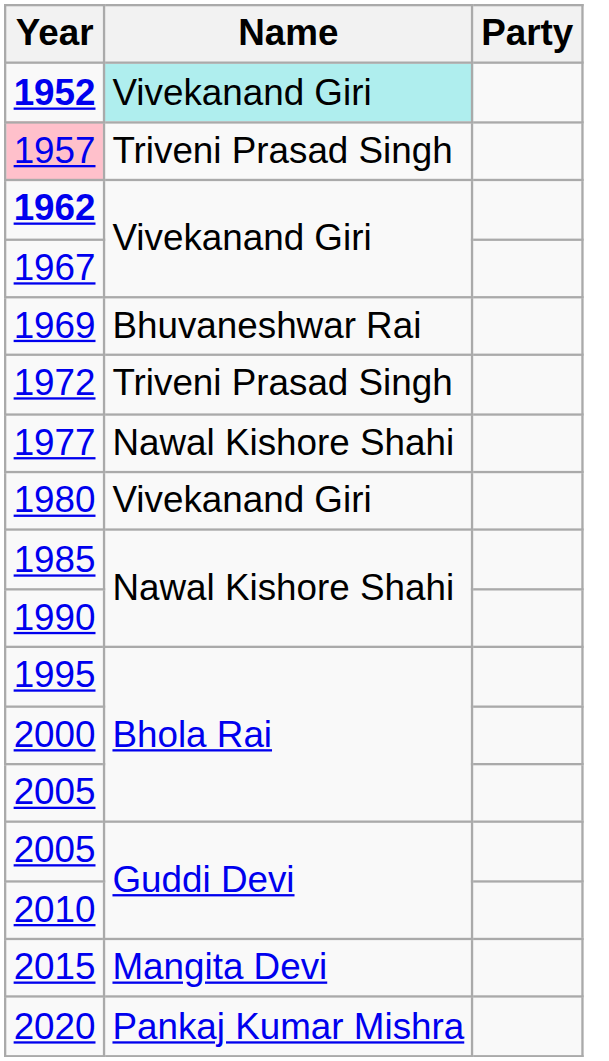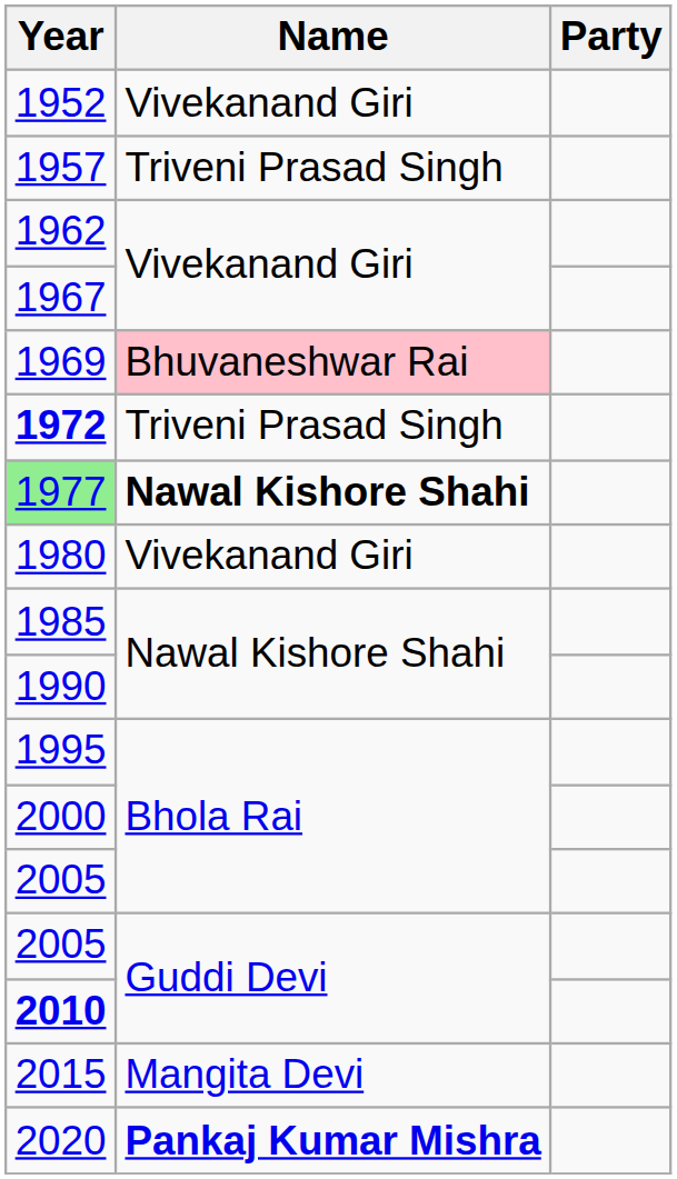 <table class="wikitable sortable">
 <tr>
 <th>Year</th>
 <th>Name</th>
 <th colspan="2">Party</th>
 </tr>
 <tr>
-<td><strong><a href='#'>1952</a></strong></td>
-<td style="background: paleturquoise;">Vivekanand Giri</td>
+<td><a href='#'>1952</a></td>
+<td>Vivekanand Giri</td>
 <td></td>
 </tr>
 <tr>
-<td style="background: pink;"><a href='#'>1957</a></td>
+<td><a href='#'>1957</a></td>
 <td>Triveni Prasad Singh</td>
 <td></td>
 </tr>
 <tr>
-<td><strong><a href='#'>1962</a></strong></td>
+<td><a href='#'>1962</a></td>
 <td rowspan="2">Vivekanand Giri</td>
 <td></td>
 </tr>
 <tr>
 <td><a href='#'>1967</a></td>
 <td></td>
 </tr>
 <tr>
 <td><a href='#'>1969</a></td>
-<td>Bhuvaneshwar Rai</td>
+<td style="background: pink;">Bhuvaneshwar Rai</td>
 <td></td>
 </tr>
 <tr>
-<td><a href='#'>1972</a></td>
+<td><strong><a href='#'>1972</a></strong></td>
 <td>Triveni Prasad Singh</td>
 <td></td>
 </tr>
 <tr>
-<td><a href='#'>1977</a></td>
-<td>Nawal Kishore Shahi</td>
+<td style="background: lightgreen;"><a href='#'>1977</a></td>
+<td><strong>Nawal Kishore Shahi</strong></td>
 <td></td>
 </tr>
 <tr>
 <td><a href='#'>1980</a></td>
 <td>Vivekanand Giri</td>
 <td></td>
 </tr>
 <tr>
 <td><a href='#'>1985</a></td>
 <td rowspan="2">Nawal Kishore Shahi</td>
 <td></td>
 </tr>
 <tr>
 <td><a href='#'>1990</a></td>
 <td></td>
 </tr>
 <tr>
 <td><a href='#'>1995</a></td>
 <td rowspan="3"><a href='#'>Bhola Rai</a></td>
 </tr>
 <tr>
 <td><a href='#'>2000</a></td>
 <td></td>
 </tr>
 <tr>
 <td><a href='#'>2005</a></td>
 </tr>
 <tr>
 <td><a href='#'>2005</a></td>
 <td rowspan="2"><a href='#'>Guddi Devi</a></td>
 <td></td>
 </tr>
 <tr>
-<td><a href='#'>2010</a></td>
+<td><strong><a href='#'>2010</a></strong></td>
 </tr>
 <tr>
 <td><a href='#'>2015</a></td>
 <td><a href='#'>Mangita Devi</a></td>
 <td></td>
 </tr>
 <tr>
 <td><a href='#'>2020</a></td>
-<td><a href='#'>Pankaj Kumar Mishra</a></td>
+<td><strong><a href='#'>Pankaj Kumar Mishra</a></strong></td>
 <td></td>
 </tr>
 </table>
